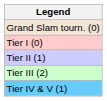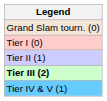 <table class="wikitable" style="font-size:90%;">
 <tr>
 <th>Legend</th>
 </tr>
 <tr>
 <td style="background:#f3e6d7;">Grand Slam tourn. (0)</td>
 </tr>
 <tr>
 <td style="background:#fcc;">Tier I (0)</td>
 </tr>
 <tr>
 <td style="background:#ccf;">Tier II (1)</td>
 </tr>
 <tr>
-<td style="background:#cfc;">Tier III (2)</td>
+<td style="background:#cfc;"><strong>Tier III (2)</strong></td>
 </tr>
 <tr>
 <td style="background:#6cf;">Tier IV & V (1)</td>
 </tr>
 </table>
